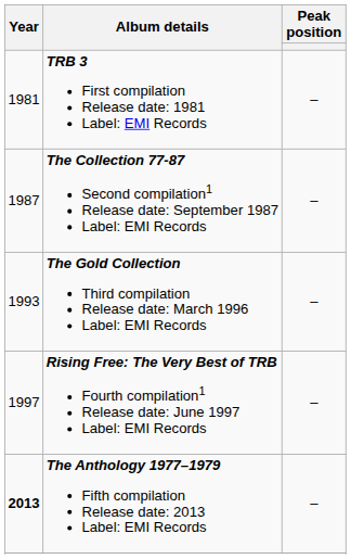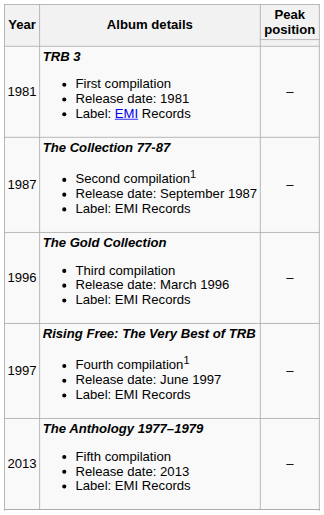 <table class="wikitable" style="text-align:center;">
 <tr>
 <th rowspan="2">Year</th>
 <th rowspan="2">Album details</th>
 <th colspan="1">Peak<br>position</th>
 </tr>
 <tr>
 <th width="65"></th>
 </tr>
 <tr>
 <td>1981</td>
 <td align="left"><strong><em>TRB 3</em></strong><br><ul><li>First compilation</li><li>Release date: 1981</li><li>Label: <a href='#'>EMI</a> Records</li></ul></td>
 <td>–</td>
 </tr>
 <tr>
 <td>1987</td>
 <td align="left"><strong><em>The Collection 77-87</em></strong><br><ul><li>Second compilation<sup>1</sup></li><li>Release date: September 1987</li><li>Label: EMI Records</li></ul></td>
 <td>–</td>
 </tr>
 <tr>
-<td>1993</td>
+<td>1996</td>
 <td align="left"><strong><em>The Gold Collection</em></strong><br><ul><li>Third compilation</li><li>Release date: March 1996</li><li>Label: EMI Records</li></ul></td>
 <td>–</td>
 </tr>
 <tr>
 <td>1997</td>
 <td align="left"><strong><em>Rising Free: The Very Best of TRB</em></strong><br><ul><li>Fourth compilation<sup>1</sup></li><li>Release date: June 1997</li><li>Label: EMI Records</li></ul></td>
 <td>–</td>
 </tr>
 <tr>
-<td><strong>2013</strong></td>
+<td>2013</td>
 <td align="left"><strong><em>The Anthology 1977–1979</em></strong><br><ul><li>Fifth compilation</li><li>Release date: 2013</li><li>Label: EMI Records</li></ul></td>
 <td>–</td>
 </tr>
 <tr>
 </tr>
 <tr>
 </tr>
 </table>
